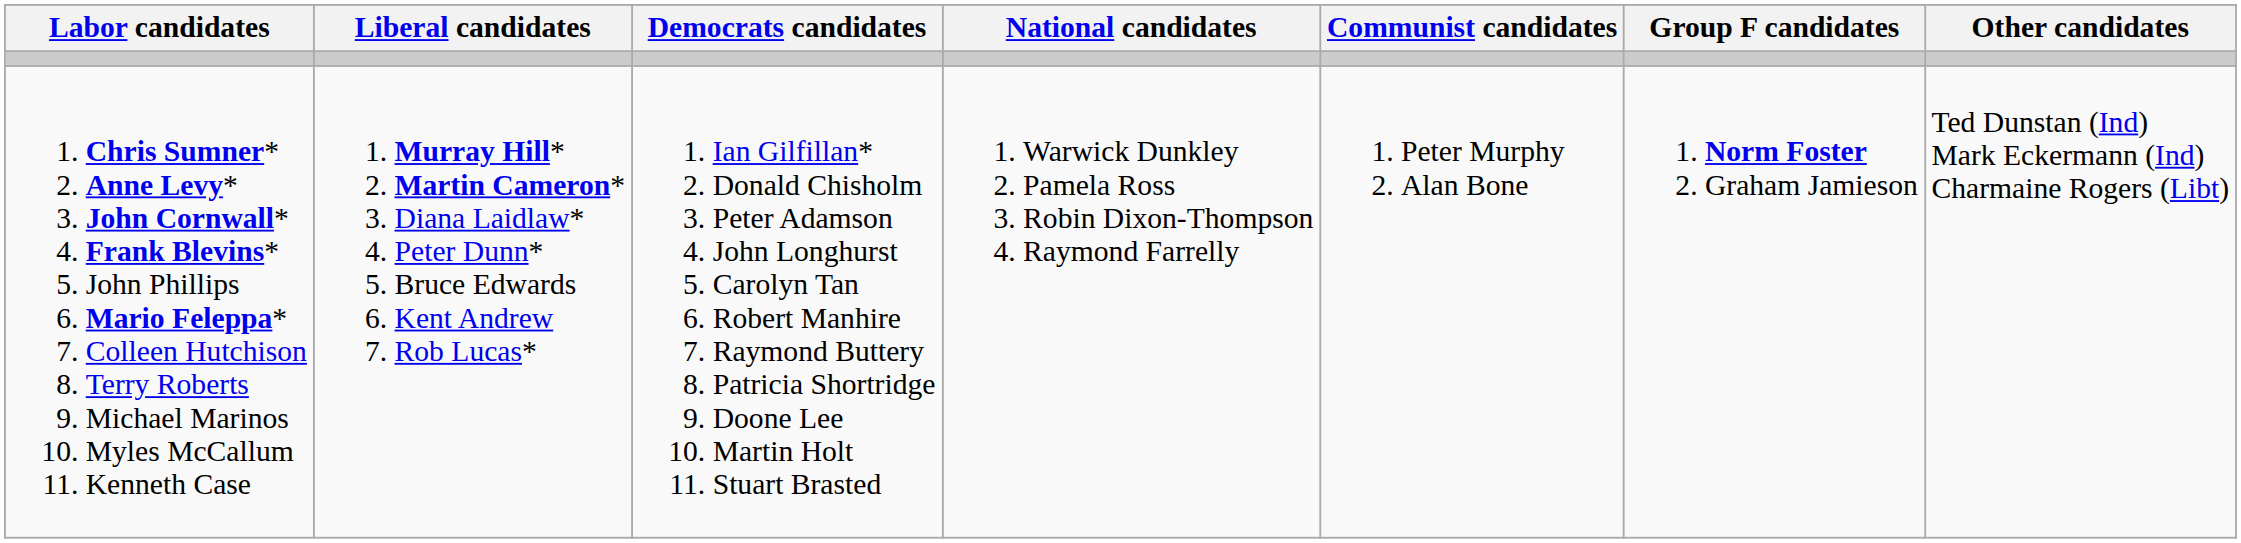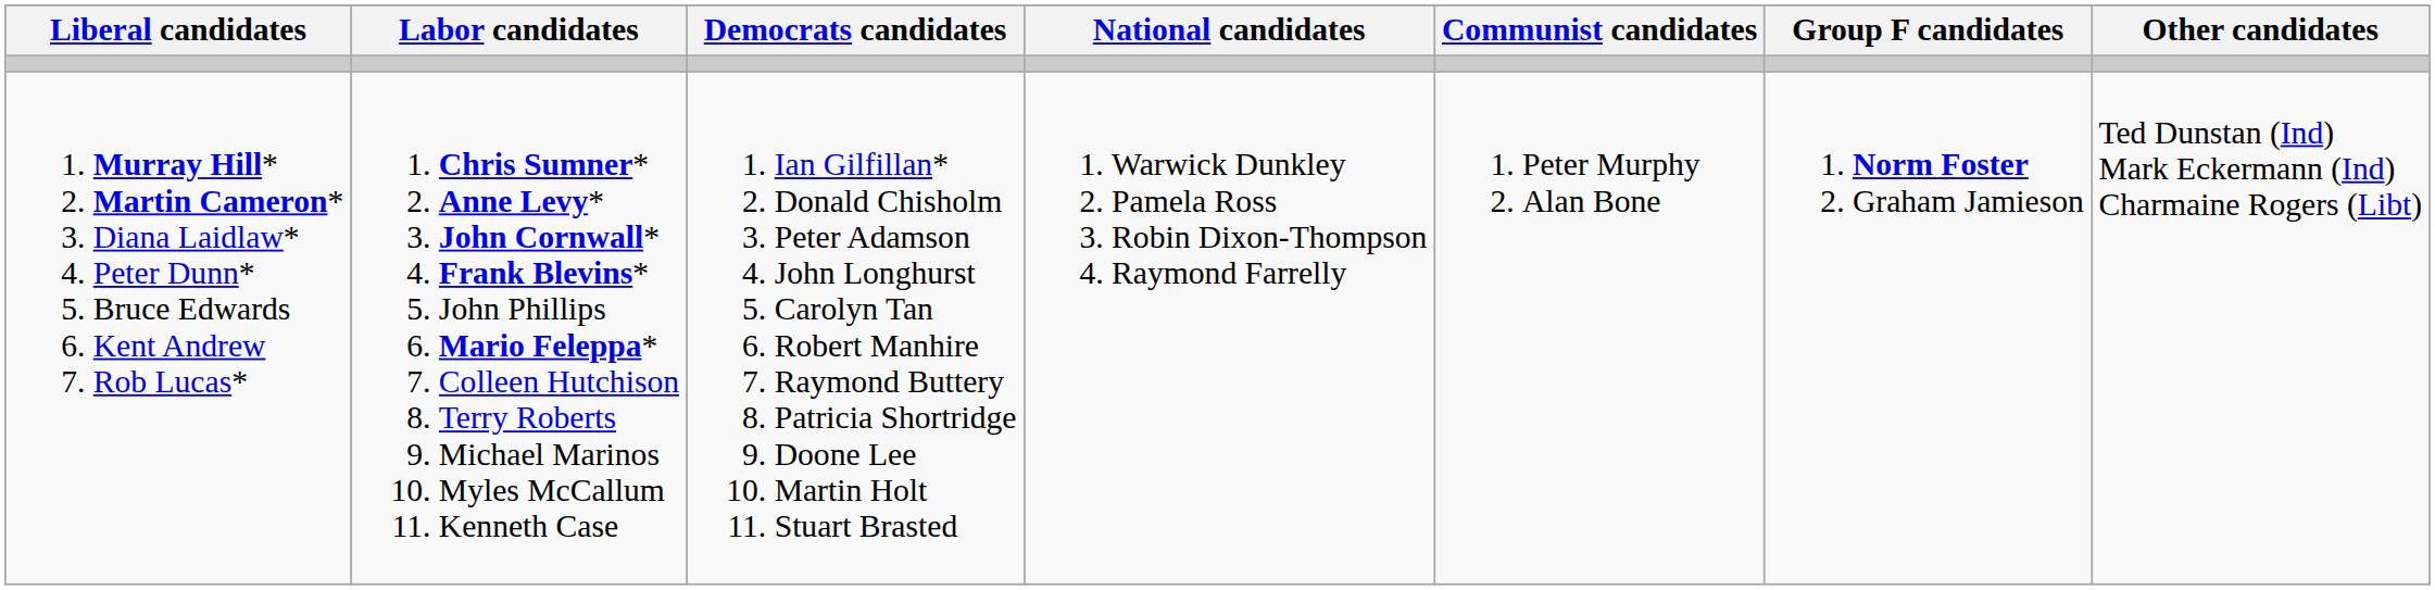 <table class="wikitable">
 <tr>
+<th><a href='#'>Liberal</a> candidates</th>
 <th><a href='#'>Labor</a> candidates</th>
-<th><a href='#'>Liberal</a> candidates</th>
 <th><a href='#'>Democrats</a> candidates</th>
 <th><a href='#'>National</a> candidates</th>
 <th><a href='#'>Communist</a> candidates</th>
 <th>Group F candidates</th>
 <th>Other candidates</th>
 </tr>
 <tr bgcolor="#cccccc">
 <td></td>
 <td></td>
 <td></td>
 <td></td>
 <td></td>
 <td></td>
 <td></td>
 </tr>
 <tr>
+<td valign=top ><br><ol><li><strong><a href='#'>Murray Hill</a></strong>*</li><li><strong><a href='#'>Martin Cameron</a></strong>*</li><li><a href='#'>Diana Laidlaw</a>*</li><li><a href='#'>Peter Dunn</a>*</li><li>Bruce Edwards</li><li><a href='#'>Kent Andrew</a></li><li><a href='#'>Rob Lucas</a>*</li></ol></td>
 <td valign=top ><br><ol><li><strong><a href='#'>Chris Sumner</a></strong>*</li><li><strong><a href='#'>Anne Levy</a></strong>*</li><li><strong><a href='#'>John Cornwall</a></strong>*</li><li><strong><a href='#'>Frank Blevins</a></strong>*</li><li>John Phillips</li><li><strong><a href='#'>Mario Feleppa</a></strong>*</li><li><a href='#'>Colleen Hutchison</a></li><li><a href='#'>Terry Roberts</a></li><li>Michael Marinos</li><li>Myles McCallum</li><li>Kenneth Case</li></ol></td>
-<td valign=top ><br><ol><li><strong><a href='#'>Murray Hill</a></strong>*</li><li><strong><a href='#'>Martin Cameron</a></strong>*</li><li><a href='#'>Diana Laidlaw</a>*</li><li><a href='#'>Peter Dunn</a>*</li><li>Bruce Edwards</li><li><a href='#'>Kent Andrew</a></li><li><a href='#'>Rob Lucas</a>*</li></ol></td>
 <td valign=top ><br><ol><li><a href='#'>Ian Gilfillan</a>*</li><li>Donald Chisholm</li><li>Peter Adamson</li><li>John Longhurst</li><li>Carolyn Tan</li><li>Robert Manhire</li><li>Raymond Buttery</li><li>Patricia Shortridge</li><li>Doone Lee</li><li>Martin Holt</li><li>Stuart Brasted</li></ol></td>
 <td valign=top><br><ol><li>Warwick Dunkley</li><li>Pamela Ross</li><li>Robin Dixon-Thompson</li><li>Raymond Farrelly</li></ol></td>
 <td valign=top><br><ol><li>Peter Murphy</li><li>Alan Bone</li></ol></td>
 <td valign=top><br><ol><li><strong><a href='#'>Norm Foster</a></strong></li><li>Graham Jamieson</li></ol></td>
 <td valign=top><br>Ted Dunstan (<a href='#'>Ind</a>) <br> Mark Eckermann (<a href='#'>Ind</a>) <br> Charmaine Rogers (<a href='#'>Libt</a>)</td>
 </tr>
 </table>
